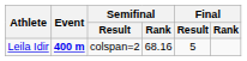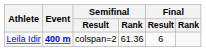 <table class="wikitable" style="font-size:90%">
 <tr>
 <th rowspan="2">Athlete</th>
 <th rowspan="2">Event</th>
 <th colspan="2">Semifinal</th>
 <th colspan="2">Final</th>
 </tr>
 <tr style="font-size:95%">
 <th>Result</th>
 <th>Rank</th>
 <th>Result</th>
 <th>Rank</th>
 </tr>
 <tr align=center>
 <td align=left><a href='#'>Leila Idir</a></td>
 <td align=left><strong><a href='#'>400 m</a></strong></td>
 <td>colspan=2 </td>
-<td>68.16</td>
-<td>5</td>
+<td>61.36</td>
+<td>6</td>
 </tr>
 </table>
